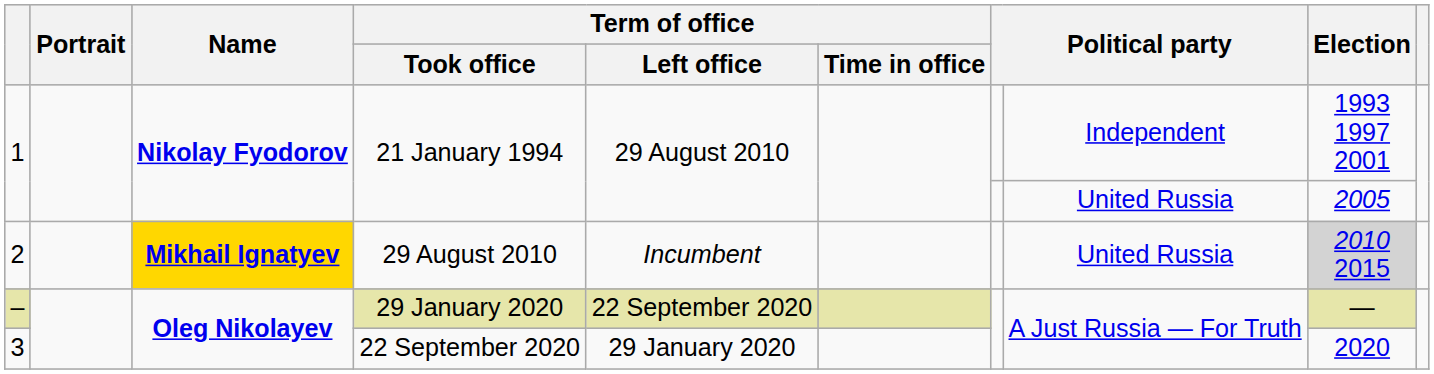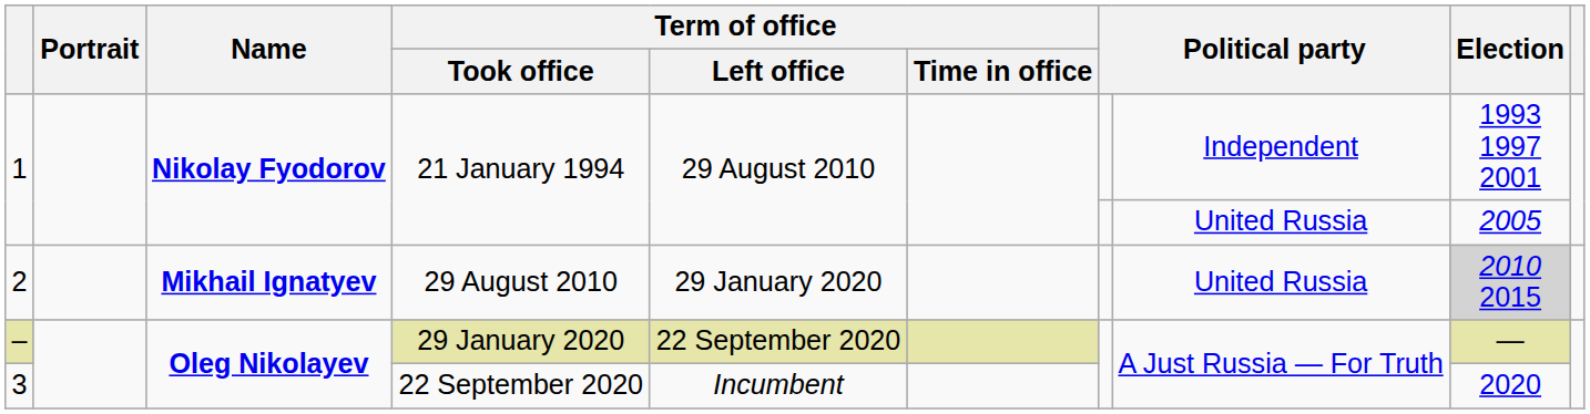 <table class="wikitable" style="text-align:center">
 <tr>
 <th rowspan=2></th>
 <th rowspan=2>Portrait</th>
 <th rowspan=2>Name<br></th>
 <th colspan=3>Term of office</th>
 <th colspan=2 rowspan=2>Political party</th>
 <th rowspan=2>Election</th>
 <th rowspan=2></th>
 </tr>
 <tr>
 <th>Took office</th>
 <th>Left office</th>
 <th>Time in office</th>
 </tr>
 <tr>
 <td rowspan=2>1</td>
 <td rowspan=2></td>
 <td rowspan=2><strong><a href='#'>Nikolay Fyodorov</a></strong><br></td>
 <td rowspan=2>21 January 1994</td>
 <td rowspan=2>29 August 2010</td>
 <td rowspan=2></td>
 <td style="background: "></td>
 <td><a href='#'>Independent</a></td>
 <td><a href='#'>1993</a><br><a href='#'>1997</a><br><a href='#'>2001</a></td>
 <td rowspan=2></td>
 </tr>
 <tr>
 <td style="background: "></td>
 <td><a href='#'>United Russia</a></td>
 <td><em><a href='#'>2005</a></em></td>
 </tr>
 <tr>
 <td>2</td>
 <td></td>
-<td style="background: gold;"><strong><a href='#'>Mikhail Ignatyev</a></strong><br></td>
+<td><strong><a href='#'>Mikhail Ignatyev</a></strong><br></td>
 <td>29 August 2010</td>
-<td><em>Incumbent</em></td>
+<td>29 January 2020</td>
 <td></td>
 <td style="background: "></td>
 <td><a href='#'>United Russia</a></td>
 <td style="background: lightgrey;"><em><a href='#'>2010</a></em><br><a href='#'>2015</a></td>
 <td></td>
 </tr>
 <tr>
 <td style="background:#e6e6aa;">–</td>
 <td rowspan=2></td>
 <td rowspan=2><strong><a href='#'>Oleg Nikolayev</a></strong><br></td>
 <td style="background:#e6e6aa;">29 January 2020</td>
 <td style="background:#e6e6aa;">22 September 2020</td>
 <td style="background:#e6e6aa;"></td>
 <td rowspan=2 style="background: "></td>
 <td rowspan=2><a href='#'>A Just Russia — For Truth</a></td>
 <td style="background:#e6e6aa;">—</td>
 <td rowspan=2></td>
 </tr>
 <tr>
 <td>3</td>
 <td>22 September 2020</td>
-<td>29 January 2020</td>
+<td><em>Incumbent</em></td>
 <td></td>
 <td><a href='#'>2020</a></td>
 </tr>
 </table>
